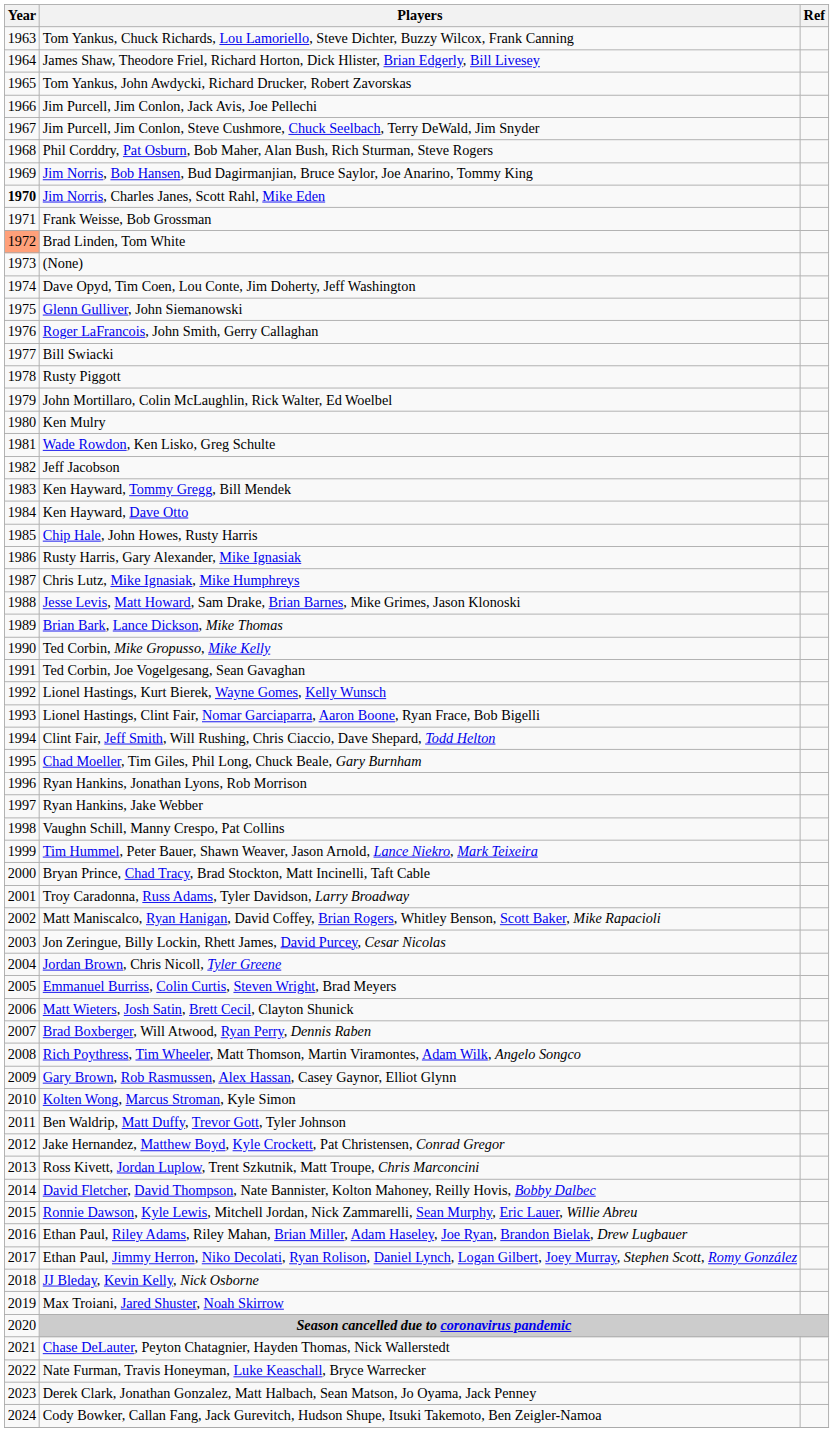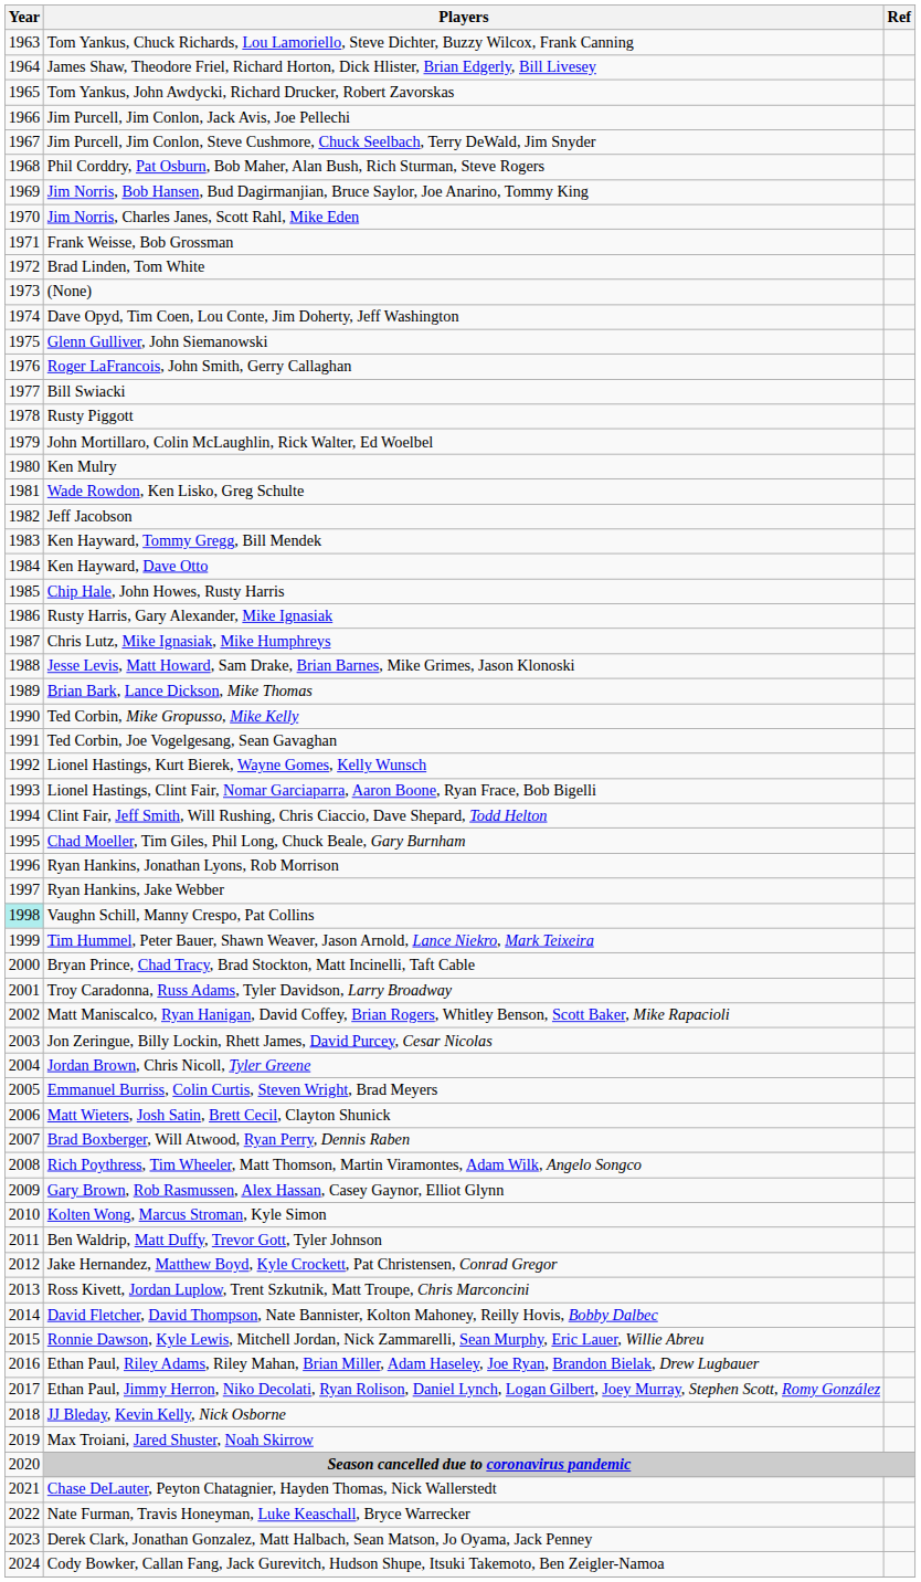 <table class="wikitable" style="text-align:center">
 <tr>
 <th scope="col">Year</th>
 <th scope="col">Players</th>
 <th scope="col">Ref</th>
 </tr>
 <tr>
 <td>1963</td>
 <td style="text-align:left">Tom Yankus, Chuck Richards, <a href='#'>Lou Lamoriello</a>, Steve Dichter, Buzzy Wilcox, Frank Canning</td>
 <td></td>
 </tr>
 <tr>
 <td>1964</td>
 <td style="text-align:left">James Shaw, Theodore Friel, Richard Horton, Dick Hlister, <a href='#'>Brian Edgerly</a>, <a href='#'>Bill Livesey</a></td>
 <td></td>
 </tr>
 <tr>
 <td>1965</td>
 <td style="text-align:left">Tom Yankus, John Awdycki, Richard Drucker, Robert Zavorskas</td>
 <td></td>
 </tr>
 <tr>
 <td>1966</td>
 <td style="text-align:left">Jim Purcell, Jim Conlon, Jack Avis, Joe Pellechi</td>
 <td></td>
 </tr>
 <tr>
 <td>1967</td>
 <td style="text-align:left">Jim Purcell, Jim Conlon, Steve Cushmore, <a href='#'>Chuck Seelbach</a>, Terry DeWald, Jim Snyder</td>
 <td></td>
 </tr>
 <tr>
 <td>1968</td>
 <td style="text-align:left">Phil Corddry, <a href='#'>Pat Osburn</a>, Bob Maher, Alan Bush, Rich Sturman, Steve Rogers</td>
 <td></td>
 </tr>
 <tr>
 <td>1969</td>
 <td style="text-align:left"><a href='#'>Jim Norris</a>, <a href='#'>Bob Hansen</a>, Bud Dagirmanjian, Bruce Saylor, Joe Anarino, Tommy King</td>
 <td></td>
 </tr>
 <tr>
-<td><strong>1970</strong></td>
+<td>1970</td>
 <td style="text-align:left"><a href='#'>Jim Norris</a>, Charles Janes, Scott Rahl, <a href='#'>Mike Eden</a></td>
 <td></td>
 </tr>
 <tr>
 <td>1971</td>
 <td style="text-align:left">Frank Weisse, Bob Grossman</td>
 <td></td>
 </tr>
 <tr>
-<td style="background: lightsalmon;">1972</td>
+<td>1972</td>
 <td style="text-align:left">Brad Linden, Tom White</td>
 <td></td>
 </tr>
 <tr>
 <td>1973</td>
 <td style="text-align:left">(None)</td>
 <td></td>
 </tr>
 <tr>
 <td>1974</td>
 <td style="text-align:left">Dave Opyd, Tim Coen, Lou Conte, Jim Doherty, Jeff Washington</td>
 <td></td>
 </tr>
 <tr>
 <td>1975</td>
 <td style="text-align:left"><a href='#'>Glenn Gulliver</a>, John Siemanowski</td>
 <td></td>
 </tr>
 <tr>
 <td>1976</td>
 <td style="text-align:left"><a href='#'>Roger LaFrancois</a>, John Smith, Gerry Callaghan</td>
 <td></td>
 </tr>
 <tr>
 <td>1977</td>
 <td style="text-align:left">Bill Swiacki</td>
 <td></td>
 </tr>
 <tr>
 <td>1978</td>
 <td style="text-align:left">Rusty Piggott</td>
 <td></td>
 </tr>
 <tr>
 <td>1979</td>
 <td style="text-align:left">John Mortillaro, Colin McLaughlin, Rick Walter, Ed Woelbel</td>
 <td></td>
 </tr>
 <tr>
 <td>1980</td>
 <td style="text-align:left">Ken Mulry</td>
 <td></td>
 </tr>
 <tr>
 <td>1981</td>
 <td style="text-align:left"><a href='#'>Wade Rowdon</a>, Ken Lisko, Greg Schulte</td>
 <td></td>
 </tr>
 <tr>
 <td>1982</td>
 <td style="text-align:left">Jeff Jacobson</td>
 <td></td>
 </tr>
 <tr>
 <td>1983</td>
 <td style="text-align:left">Ken Hayward, <a href='#'>Tommy Gregg</a>, Bill Mendek</td>
 <td></td>
 </tr>
 <tr>
 <td>1984</td>
 <td style="text-align:left">Ken Hayward, <a href='#'>Dave Otto</a></td>
 <td></td>
 </tr>
 <tr>
 <td>1985</td>
 <td style="text-align:left"><a href='#'>Chip Hale</a>, John Howes, Rusty Harris</td>
 <td></td>
 </tr>
 <tr>
 <td>1986</td>
 <td style="text-align:left">Rusty Harris, Gary Alexander, <a href='#'>Mike Ignasiak</a></td>
 <td></td>
 </tr>
 <tr>
 <td>1987</td>
 <td style="text-align:left">Chris Lutz, <a href='#'>Mike Ignasiak</a>, <a href='#'>Mike Humphreys</a></td>
 <td></td>
 </tr>
 <tr>
 <td>1988</td>
 <td style="text-align:left"><a href='#'>Jesse Levis</a>, <a href='#'>Matt Howard</a>, Sam Drake, <a href='#'>Brian Barnes</a>, Mike Grimes, Jason Klonoski</td>
 <td></td>
 </tr>
 <tr>
 <td>1989</td>
 <td style="text-align:left"><a href='#'>Brian Bark</a>, <a href='#'>Lance Dickson</a>, <em>Mike Thomas</em></td>
 <td></td>
 </tr>
 <tr>
 <td>1990</td>
 <td style="text-align:left">Ted Corbin, <em>Mike Gropusso</em>, <em><a href='#'>Mike Kelly</a></em></td>
 <td></td>
 </tr>
 <tr>
 <td>1991</td>
 <td style="text-align:left">Ted Corbin, Joe Vogelgesang, Sean Gavaghan</td>
 <td></td>
 </tr>
 <tr>
 <td>1992</td>
 <td style="text-align:left">Lionel Hastings, Kurt Bierek, <a href='#'>Wayne Gomes</a>, <a href='#'>Kelly Wunsch</a></td>
 <td></td>
 </tr>
 <tr>
 <td>1993</td>
 <td style="text-align:left">Lionel Hastings, Clint Fair, <a href='#'>Nomar Garciaparra</a>, <a href='#'>Aaron Boone</a>, Ryan Frace, Bob Bigelli</td>
 <td></td>
 </tr>
 <tr>
 <td>1994</td>
 <td style="text-align:left">Clint Fair, <a href='#'>Jeff Smith</a>, Will Rushing, Chris Ciaccio, Dave Shepard, <em><a href='#'>Todd Helton</a></em></td>
 <td></td>
 </tr>
 <tr>
 <td>1995</td>
 <td style="text-align:left"><a href='#'>Chad Moeller</a>, Tim Giles, Phil Long, Chuck Beale, <em>Gary Burnham</em></td>
 <td></td>
 </tr>
 <tr>
 <td>1996</td>
 <td style="text-align:left">Ryan Hankins, Jonathan Lyons, Rob Morrison</td>
 <td></td>
 </tr>
 <tr>
 <td>1997</td>
 <td style="text-align:left">Ryan Hankins, Jake Webber</td>
 <td></td>
 </tr>
 <tr>
-<td>1998</td>
+<td style="background: paleturquoise;">1998</td>
 <td style="text-align:left">Vaughn Schill, Manny Crespo, Pat Collins</td>
 <td></td>
 </tr>
 <tr>
 <td>1999</td>
 <td style="text-align:left"><a href='#'>Tim Hummel</a>, Peter Bauer, Shawn Weaver, Jason Arnold, <em><a href='#'>Lance Niekro</a></em>, <em><a href='#'>Mark Teixeira</a></em></td>
 <td></td>
 </tr>
 <tr>
 <td>2000</td>
 <td style="text-align:left">Bryan Prince, <a href='#'>Chad Tracy</a>, Brad Stockton, Matt Incinelli, Taft Cable</td>
 <td></td>
 </tr>
 <tr>
 <td>2001</td>
 <td style="text-align:left">Troy Caradonna, <a href='#'>Russ Adams</a>, Tyler Davidson, <em>Larry Broadway</em></td>
 <td></td>
 </tr>
 <tr>
 <td>2002</td>
 <td style="text-align:left">Matt Maniscalco, <a href='#'>Ryan Hanigan</a>, David Coffey, <a href='#'>Brian Rogers</a>, Whitley Benson, <a href='#'>Scott Baker</a>, <em>Mike Rapacioli</em></td>
 <td></td>
 </tr>
 <tr>
 <td>2003</td>
 <td style="text-align:left">Jon Zeringue, Billy Lockin, Rhett James, <a href='#'>David Purcey</a>, <em>Cesar Nicolas</em></td>
 <td></td>
 </tr>
 <tr>
 <td>2004</td>
 <td style="text-align:left"><a href='#'>Jordan Brown</a>, Chris Nicoll, <em><a href='#'>Tyler Greene</a></em></td>
 <td></td>
 </tr>
 <tr>
 <td>2005</td>
 <td style="text-align:left"><a href='#'>Emmanuel Burriss</a>, <a href='#'>Colin Curtis</a>, <a href='#'>Steven Wright</a>, Brad Meyers</td>
 <td></td>
 </tr>
 <tr>
 <td>2006</td>
 <td style="text-align:left"><a href='#'>Matt Wieters</a>, <a href='#'>Josh Satin</a>, <a href='#'>Brett Cecil</a>, Clayton Shunick</td>
 <td></td>
 </tr>
 <tr>
 <td>2007</td>
 <td style="text-align:left"><a href='#'>Brad Boxberger</a>, Will Atwood, <a href='#'>Ryan Perry</a>, <em>Dennis Raben</em></td>
 <td></td>
 </tr>
 <tr>
 <td>2008</td>
 <td style="text-align:left"><a href='#'>Rich Poythress</a>, <a href='#'>Tim Wheeler</a>, Matt Thomson, Martin Viramontes, <a href='#'>Adam Wilk</a>, <em>Angelo Songco</em></td>
 <td></td>
 </tr>
 <tr>
 <td>2009</td>
 <td style="text-align:left"><a href='#'>Gary Brown</a>, <a href='#'>Rob Rasmussen</a>, <a href='#'>Alex Hassan</a>, Casey Gaynor, Elliot Glynn</td>
 <td></td>
 </tr>
 <tr>
 <td>2010</td>
 <td style="text-align:left"><a href='#'>Kolten Wong</a>, <a href='#'>Marcus Stroman</a>, Kyle Simon</td>
 <td></td>
 </tr>
 <tr>
 <td>2011</td>
 <td style="text-align:left">Ben Waldrip, <a href='#'>Matt Duffy</a>, <a href='#'>Trevor Gott</a>, Tyler Johnson</td>
 <td></td>
 </tr>
 <tr>
 <td>2012</td>
 <td style="text-align:left">Jake Hernandez, <a href='#'>Matthew Boyd</a>, <a href='#'>Kyle Crockett</a>, Pat Christensen, <em>Conrad Gregor</em></td>
 <td></td>
 </tr>
 <tr>
 <td>2013</td>
 <td style="text-align:left">Ross Kivett, <a href='#'>Jordan Luplow</a>, Trent Szkutnik, Matt Troupe, <em>Chris Marconcini</em></td>
 <td></td>
 </tr>
 <tr>
 <td>2014</td>
 <td style="text-align:left"><a href='#'>David Fletcher</a>, <a href='#'>David Thompson</a>, Nate Bannister, Kolton Mahoney, Reilly Hovis, <em><a href='#'>Bobby Dalbec</a></em></td>
 <td></td>
 </tr>
 <tr>
 <td>2015</td>
 <td style="text-align:left"><a href='#'>Ronnie Dawson</a>, <a href='#'>Kyle Lewis</a>, Mitchell Jordan, Nick Zammarelli, <a href='#'>Sean Murphy</a>, <a href='#'>Eric Lauer</a>, <em>Willie Abreu</em></td>
 <td></td>
 </tr>
 <tr>
 <td>2016</td>
 <td style="text-align:left">Ethan Paul, <a href='#'>Riley Adams</a>, Riley Mahan, <a href='#'>Brian Miller</a>, <a href='#'>Adam Haseley</a>, <a href='#'>Joe Ryan</a>, <a href='#'>Brandon Bielak</a>, <em>Drew Lugbauer</em></td>
 <td></td>
 </tr>
 <tr>
 <td>2017</td>
 <td style="text-align:left">Ethan Paul, <a href='#'>Jimmy Herron</a>, <a href='#'>Niko Decolati</a>, <a href='#'>Ryan Rolison</a>, <a href='#'>Daniel Lynch</a>, <a href='#'>Logan Gilbert</a>, <a href='#'>Joey Murray</a>, <em>Stephen Scott</em>, <em><a href='#'>Romy González</a></em></td>
 <td></td>
 </tr>
 <tr>
 <td>2018</td>
 <td style="text-align:left"><a href='#'>JJ Bleday</a>, <a href='#'>Kevin Kelly</a>, <em>Nick Osborne</em></td>
 <td></td>
 </tr>
 <tr>
 <td>2019</td>
 <td style="text-align:left">Max Troiani, <a href='#'>Jared Shuster</a>, <a href='#'>Noah Skirrow</a></td>
 <td></td>
 </tr>
 <tr>
 <td>2020</td>
 <td colspan="2" align="center" bgcolor=#cccccc><strong><em>Season cancelled due to <a href='#'>coronavirus pandemic</a></em></strong></td>
 </tr>
 <tr>
 <td>2021</td>
 <td style="text-align:left"><a href='#'>Chase DeLauter</a>, Peyton Chatagnier, Hayden Thomas, Nick Wallerstedt</td>
 <td></td>
 </tr>
 <tr>
 <td>2022</td>
 <td style="text-align:left">Nate Furman, Travis Honeyman, <a href='#'>Luke Keaschall</a>, Bryce Warrecker</td>
 <td></td>
 </tr>
 <tr>
 <td>2023</td>
 <td style="text-align:left">Derek Clark, Jonathan Gonzalez, Matt Halbach, Sean Matson, Jo Oyama, Jack Penney</td>
 <td></td>
 </tr>
 <tr>
 <td>2024</td>
 <td style="text-align:left">Cody Bowker, Callan Fang, Jack Gurevitch, Hudson Shupe, Itsuki Takemoto, Ben Zeigler-Namoa</td>
 <td></td>
 </tr>
 <tr>
 </tr>
 </table>
